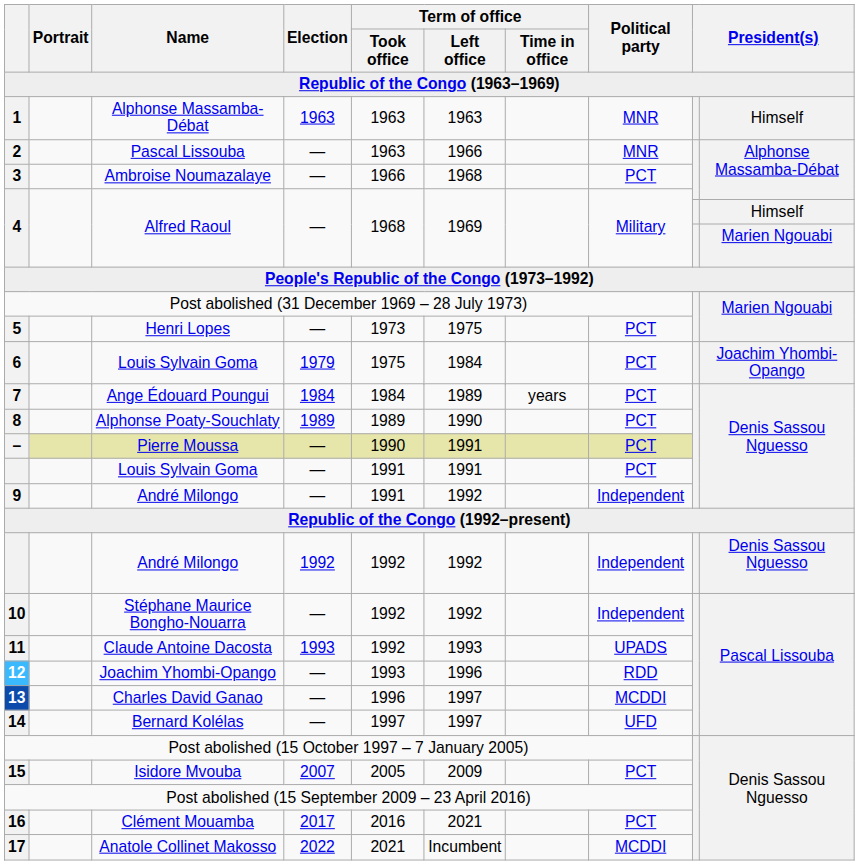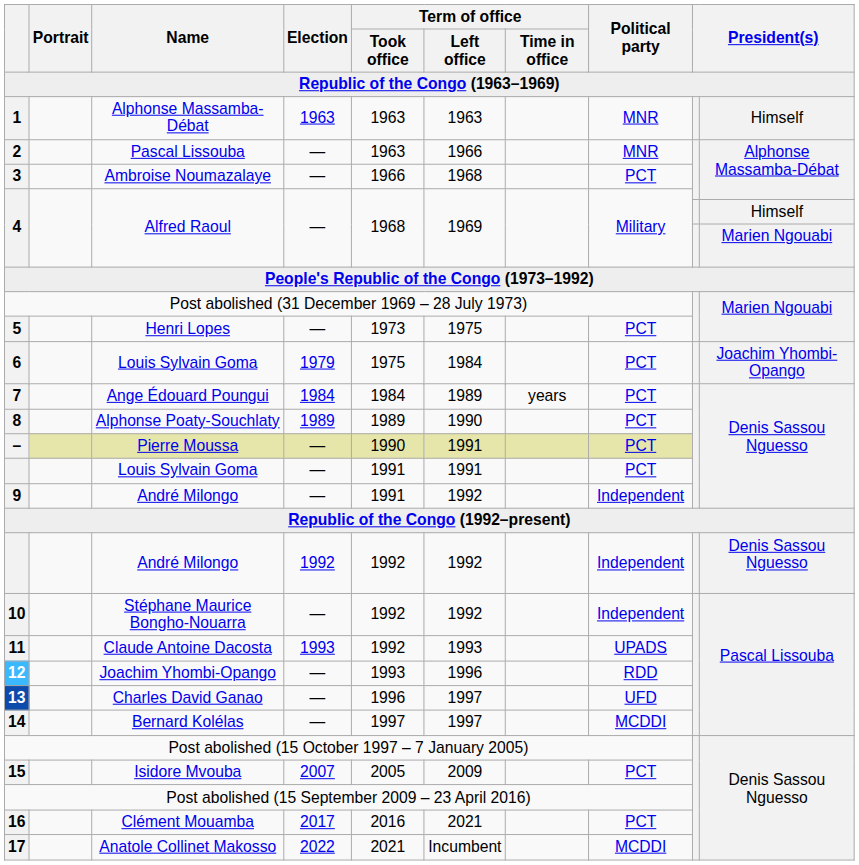 <table class="wikitable" style="text-align:center">
 <tr>
 <th rowspan="2"></th>
 <th rowspan="2">Portrait</th>
 <th rowspan="2">Name<br></th>
 <th rowspan="2">Election</th>
 <th colspan="3">Term of office</th>
 <th rowspan="2">Political party</th>
 <th rowspan="2" colspan="2"><a href='#'>President(s)</a></th>
 </tr>
 <tr>
 <th>Took office</th>
 <th>Left office</th>
 <th>Time in office</th>
 </tr>
 <tr bgcolor=#EEEEEE>
 <td colspan="10"><strong><a href='#'>Republic of the Congo</a> (1963–1969)</strong></td>
 </tr>
 <tr>
 <th style="background:">1</th>
 <td></td>
 <td><a href='#'>Alphonse Massamba-Débat</a><br></td>
 <td><a href='#'>1963</a></td>
 <td> 1963</td>
 <td> 1963</td>
 <td></td>
 <td><a href='#'>MNR</a></td>
 <th rowspan="1" style="background:"></th>
 <th rowspan="1" style="font-weight:normal">Himself<br></th>
 </tr>
 <tr>
 <th style="background:">2</th>
 <td></td>
 <td><a href='#'>Pascal Lissouba</a><br></td>
 <td>—</td>
 <td> 1963</td>
 <td> 1966</td>
 <td></td>
 <td><a href='#'>MNR</a></td>
 <th rowspan="3" style="background:"></th>
 <th rowspan="3" style="font-weight:normal"><a href='#'>Alphonse Massamba-Débat</a><br><br></th>
 </tr>
 <tr>
 <th style="background:">3</th>
 <td></td>
 <td><a href='#'>Ambroise Noumazalaye</a><br></td>
 <td>—</td>
 <td> 1966</td>
 <td> 1968</td>
 <td></td>
 <td><a href='#'>PCT</a></td>
 </tr>
 <tr>
 <th rowspan=3 style="background:">4</th>
 <td rowspan=3></td>
 <td rowspan=3><a href='#'>Alfred Raoul</a><br></td>
 <td rowspan=3>—</td>
 <td rowspan=3> 1968</td>
 <td rowspan=3> 1969</td>
 <td rowspan=3></td>
 <td rowspan=3><a href='#'>Military</a></td>
 </tr>
 <tr>
 <th rowspan="1" style="background:"></th>
 <th rowspan="1" style="font-weight:normal">Himself<br></th>
 </tr>
 <tr>
 <th rowspan="1" style="background:"></th>
 <th rowspan="1" style="font-weight:normal"><a href='#'>Marien Ngouabi</a><br><br></th>
 </tr>
 <tr bgcolor=#EEEEEE>
 <td colspan="10"><strong><a href='#'>People's Republic of the Congo</a> (1973–1992)</strong></td>
 </tr>
 <tr>
 <td colspan="8">Post abolished (31 December 1969 – 28 July 1973)</td>
 <th rowspan="3" style="background:"></th>
 <th rowspan="3" style="font-weight:normal"><a href='#'>Marien Ngouabi</a><br><br></th>
 </tr>
 <tr>
 <th style="background:">5</th>
 <td></td>
 <td><a href='#'>Henri Lopes</a><br></td>
 <td>—</td>
 <td> 1973</td>
 <td> 1975</td>
 <td></td>
 <td><a href='#'>PCT</a></td>
 </tr>
 <tr>
 <th rowspan=3 style="background:">6</th>
 <td rowspan=3></td>
 <td rowspan=3><a href='#'>Louis Sylvain Goma</a><br></td>
 <td rowspan=3><a href='#'>1979</a></td>
 <td rowspan=3> 1975</td>
 <td rowspan=3> 1984</td>
 <td rowspan=3></td>
 <td rowspan=3><a href='#'>PCT</a></td>
 </tr>
 <tr>
 <th rowspan="1" style="background:"></th>
 <th rowspan="1" style="font-weight:normal"><a href='#'>Joachim Yhombi-Opango</a><br></th>
 </tr>
 <tr>
 <th rowspan="6" style="background:"></th>
 <th rowspan="6" style="font-weight:normal"><a href='#'>Denis Sassou Nguesso</a><br><br></th>
 </tr>
 <tr>
 <th style="background:">7</th>
 <td></td>
 <td><a href='#'>Ange Édouard Poungui</a><br></td>
 <td><a href='#'>1984</a></td>
 <td> 1984</td>
 <td> 1989</td>
 <td> years</td>
 <td><a href='#'>PCT</a></td>
 </tr>
 <tr>
 <th style="background:">8</th>
 <td></td>
 <td><a href='#'>Alphonse Poaty-Souchlaty</a><br></td>
 <td><a href='#'>1989</a></td>
 <td> 1989</td>
 <td> 1990</td>
 <td></td>
 <td><a href='#'>PCT</a></td>
 </tr>
 <tr style="background:#e6e6aa;">
 <th style="background:">–</th>
 <td></td>
 <td><a href='#'>Pierre Moussa</a><br></td>
 <td>—</td>
 <td> 1990</td>
 <td> 1991</td>
 <td></td>
 <td><a href='#'>PCT</a></td>
 </tr>
 <tr>
 <th style="background:"></th>
 <td></td>
 <td><a href='#'>Louis Sylvain Goma</a><br></td>
 <td>—</td>
 <td> 1991</td>
 <td> 1991</td>
 <td></td>
 <td><a href='#'>PCT</a></td>
 </tr>
 <tr>
 <th style="background:">9</th>
 <td></td>
 <td><a href='#'>André Milongo</a><br></td>
 <td>—</td>
 <td> 1991</td>
 <td> 1992</td>
 <td></td>
 <td><a href='#'>Independent</a></td>
 </tr>
 <tr bgcolor=#EEEEEE>
 <td colspan="10"><strong><a href='#'>Republic of the Congo</a> (1992–present)</strong></td>
 </tr>
 <tr>
 <th rowspan=2 style="background:"></th>
 <td rowspan=2></td>
 <td rowspan=2><a href='#'>André Milongo</a><br></td>
 <td rowspan=2><a href='#'>1992</a></td>
 <td rowspan=2> 1992</td>
 <td rowspan=2> 1992</td>
 <td rowspan=2></td>
 <td rowspan=2><a href='#'>Independent</a></td>
 <th rowspan="1" style="background:"></th>
 <th rowspan="1" style="font-weight:normal"><a href='#'>Denis Sassou Nguesso</a><br><br></th>
 </tr>
 <tr>
 <th rowspan="6" style="background:"></th>
 <th rowspan="6" style="font-weight:normal"><a href='#'>Pascal Lissouba</a><br><br></th>
 </tr>
 <tr>
 <th style="background:">10</th>
 <td></td>
 <td><a href='#'>Stéphane Maurice Bongho-Nouarra</a><br></td>
 <td>—</td>
 <td> 1992</td>
 <td> 1992</td>
 <td></td>
 <td><a href='#'>Independent</a></td>
 </tr>
 <tr>
 <th style="background:">11</th>
 <td></td>
 <td><a href='#'>Claude Antoine Dacosta</a><br></td>
 <td><a href='#'>1993</a></td>
 <td> 1992</td>
 <td> 1993</td>
 <td></td>
 <td><a href='#'>UPADS</a></td>
 </tr>
 <tr>
 <th style="background:#3BB9FF; color:white;">12</th>
 <td></td>
 <td><a href='#'>Joachim Yhombi-Opango</a><br></td>
 <td>—</td>
 <td> 1993</td>
 <td> 1996</td>
 <td></td>
 <td><a href='#'>RDD</a></td>
 </tr>
 <tr>
 <th style="background:#0C4BAC; color:white;">13</th>
 <td></td>
 <td><a href='#'>Charles David Ganao</a><br></td>
 <td>—</td>
 <td> 1996</td>
 <td> 1997</td>
 <td></td>
-<td><a href='#'>MCDDI</a></td>
+<td><a href='#'>UFD</a></td>
 </tr>
 <tr>
 <th style="background:">14</th>
 <td></td>
 <td><a href='#'>Bernard Kolélas</a><br></td>
 <td>—</td>
 <td> 1997</td>
 <td> 1997<br></td>
 <td></td>
-<td><a href='#'>UFD</a></td>
+<td><a href='#'>MCDDI</a></td>
 </tr>
 <tr>
 <td colspan="8">Post abolished (15 October 1997 – 7 January 2005)</td>
 <th rowspan="5" style="background:"></th>
 <th rowspan="5" style="font-weight:normal">Denis Sassou Nguesso<br><br></th>
 </tr>
 <tr>
 <th style="background:">15</th>
 <td></td>
 <td><a href='#'>Isidore Mvouba</a><br></td>
 <td><a href='#'>2007</a></td>
 <td> 2005</td>
 <td> 2009</td>
 <td></td>
 <td><a href='#'>PCT</a></td>
 </tr>
 <tr>
 <td colspan="8">Post abolished (15 September 2009 – 23 April 2016)</td>
 </tr>
 <tr>
 <th style="background:">16</th>
 <td></td>
 <td><a href='#'>Clément Mouamba</a><br></td>
 <td><a href='#'>2017</a></td>
 <td> 2016</td>
 <td> 2021</td>
 <td></td>
 <td><a href='#'>PCT</a></td>
 </tr>
 <tr>
 <th style="background:">17</th>
 <td></td>
 <td><a href='#'>Anatole Collinet Makosso</a><br></td>
 <td><a href='#'>2022</a></td>
 <td> 2021</td>
 <td>Incumbent</td>
 <td></td>
 <td><a href='#'>MCDDI</a></td>
 </tr>
 </table>
